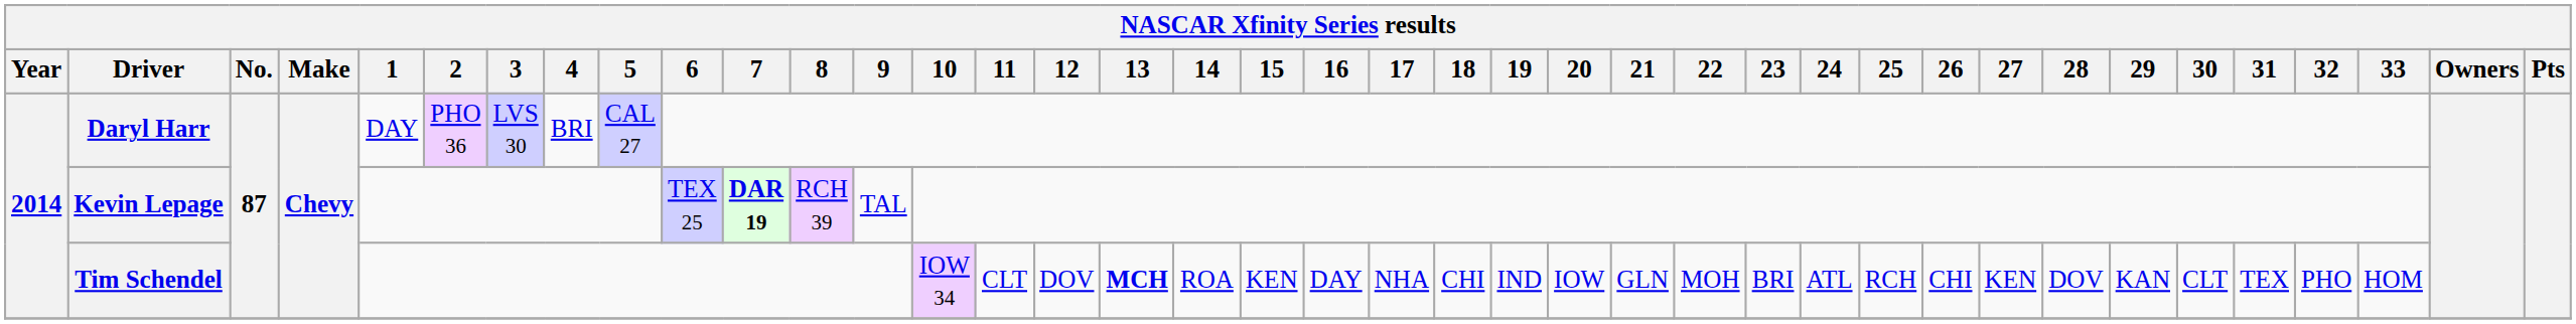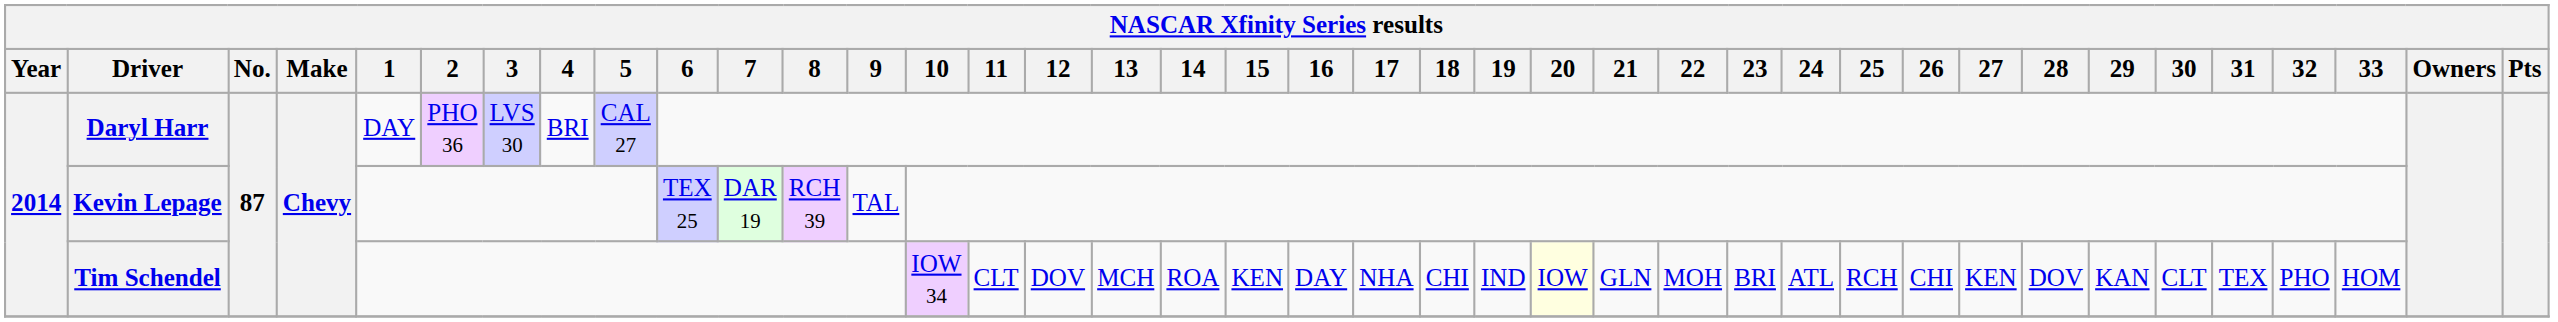 <table class="wikitable" style="text-align:center; font-size:75%">
 <tr>
 <th colspan=45><a href='#'>NASCAR Xfinity Series</a> results</th>
 </tr>
 <tr>
 <th>Year</th>
 <th>Driver</th>
 <th>No.</th>
 <th>Make</th>
 <th>1</th>
 <th>2</th>
 <th>3</th>
 <th>4</th>
 <th>5</th>
 <th>6</th>
 <th>7</th>
 <th>8</th>
 <th>9</th>
 <th>10</th>
 <th>11</th>
 <th>12</th>
 <th>13</th>
 <th>14</th>
 <th>15</th>
 <th>16</th>
 <th>17</th>
 <th>18</th>
 <th>19</th>
 <th>20</th>
 <th>21</th>
 <th>22</th>
 <th>23</th>
 <th>24</th>
 <th>25</th>
 <th>26</th>
 <th>27</th>
 <th>28</th>
 <th>29</th>
 <th>30</th>
 <th>31</th>
 <th>32</th>
 <th>33</th>
 <th>Owners</th>
 <th>Pts</th>
 </tr>
 <tr>
 <th rowspan=3><a href='#'>2014</a></th>
 <th><a href='#'>Daryl Harr</a></th>
 <th rowspan=3>87</th>
 <th rowspan=3><a href='#'>Chevy</a></th>
 <td><a href='#'>DAY</a></td>
 <td style="background:#EFCFFF;"><a href='#'>PHO</a><br><small>36</small></td>
 <td style="background:#CFCFFF;"><a href='#'>LVS</a><br><small>30</small></td>
 <td><a href='#'>BRI</a></td>
 <td style="background:#CFCFFF;"><a href='#'>CAL</a><br><small>27</small></td>
 <td colspan=28></td>
 <th rowspan=3></th>
 <th rowspan=3></th>
 </tr>
 <tr>
 <th><a href='#'>Kevin Lepage</a></th>
 <td colspan=5></td>
 <td style="background:#CFCFFF;"><a href='#'>TEX</a><br><small>25</small></td>
-<td style="background:#DFFFDF;"><strong><a href='#'>DAR</a><br><small>19</small></strong></td>
+<td style="background:#DFFFDF;"><a href='#'>DAR</a><br><small>19</small></td>
 <td style="background:#EFCFFF;"><a href='#'>RCH</a><br><small>39</small></td>
 <td><a href='#'>TAL</a></td>
 <td colspan=24></td>
 </tr>
 <tr>
 <th><a href='#'>Tim Schendel</a></th>
 <td colspan=9></td>
 <td style="background:#EFCFFF;"><a href='#'>IOW</a><br><small>34</small></td>
 <td><a href='#'>CLT</a></td>
 <td><a href='#'>DOV</a></td>
-<td><strong><a href='#'>MCH</a></strong></td>
+<td><a href='#'>MCH</a></td>
 <td><a href='#'>ROA</a></td>
 <td><a href='#'>KEN</a></td>
 <td><a href='#'>DAY</a></td>
 <td><a href='#'>NHA</a></td>
 <td><a href='#'>CHI</a></td>
 <td><a href='#'>IND</a></td>
-<td><a href='#'>IOW</a></td>
+<td style="background: lightyellow;"><a href='#'>IOW</a></td>
 <td><a href='#'>GLN</a></td>
 <td><a href='#'>MOH</a></td>
 <td><a href='#'>BRI</a></td>
 <td><a href='#'>ATL</a></td>
 <td><a href='#'>RCH</a></td>
 <td><a href='#'>CHI</a></td>
 <td><a href='#'>KEN</a></td>
 <td><a href='#'>DOV</a></td>
 <td><a href='#'>KAN</a></td>
 <td><a href='#'>CLT</a></td>
 <td><a href='#'>TEX</a></td>
 <td><a href='#'>PHO</a></td>
 <td><a href='#'>HOM</a></td>
 </tr>
 <tr>
 </tr>
 </table>
